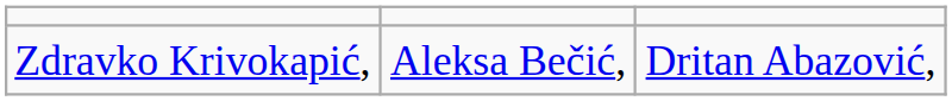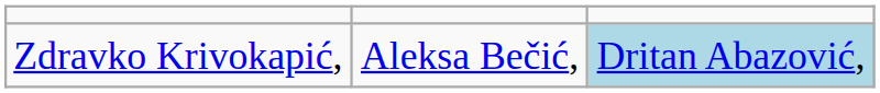 <table class="wikitable" style="text-align:left; float:right; margin-right:9px; margin-left:2px;">
 <tr>
 <td style="text-align:left;"></td>
 <td style="text-align:left;"></td>
 <td style="text-align:left;"></td>
 </tr>
 <tr>
 <td style="text-align:center;"><a href='#'>Zdravko Krivokapić</a>,<br></td>
 <td style="text-align:center;"><a href='#'>Aleksa Bečić</a>,<br></td>
-<td style="text-align:center;"><a href='#'>Dritan Abazović</a>,<br></td>
+<td style="background: lightblue; text-align:center;"><a href='#'>Dritan Abazović</a>,<br></td>
 </tr>
 </table>
